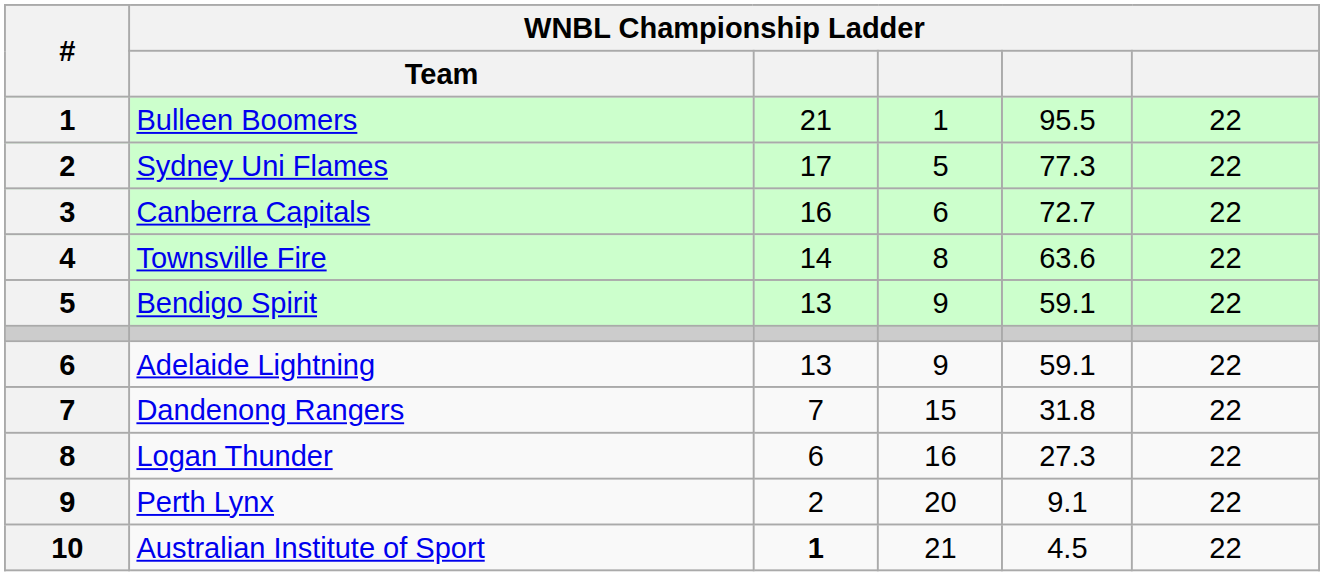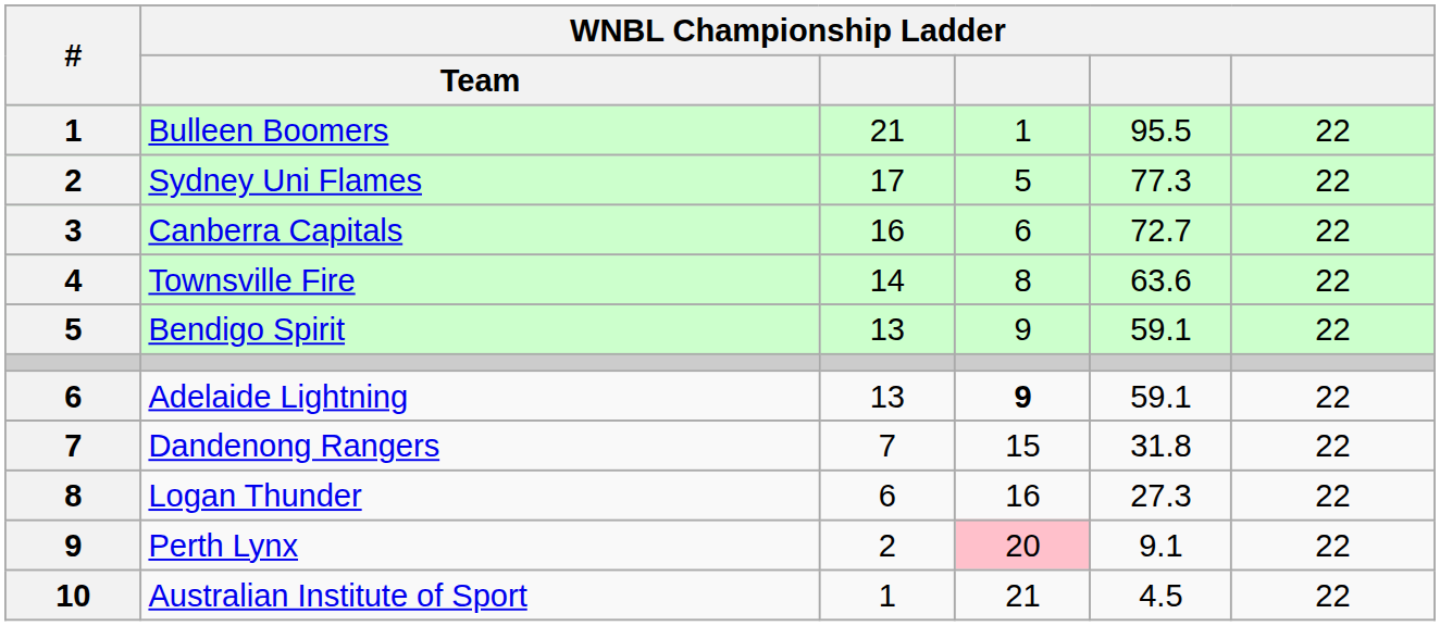 <table class="wikitable" width="43.5%" style="font-size:95%; text-align:center">
 <tr>
 <th width="5%" rowspan=2>#</th>
 <th colspan="6" align="center"><strong>WNBL Championship Ladder</strong></th>
 </tr>
 <tr>
 <th width="25%">Team</th>
 <th width="5%"></th>
 <th width="5%"></th>
 <th width="5%"></th>
 <th width="7.5%"></th>
 </tr>
 <tr style="background-color:#CCFFCC">
 <th>1</th>
 <td style="text-align:left;"><a href='#'>Bulleen Boomers</a></td>
 <td>21</td>
 <td>1</td>
 <td>95.5</td>
 <td>22</td>
 </tr>
 <tr style="background-color:#CCFFCC">
 <th>2</th>
 <td style="text-align:left;"><a href='#'>Sydney Uni Flames</a></td>
 <td>17</td>
 <td>5</td>
 <td>77.3</td>
 <td>22</td>
 </tr>
 <tr style="background-color:#CCFFCC">
 <th>3</th>
 <td style="text-align:left;"><a href='#'>Canberra Capitals</a></td>
 <td>16</td>
 <td>6</td>
 <td>72.7</td>
 <td>22</td>
 </tr>
 <tr style="background-color:#CCFFCC">
 <th>4</th>
 <td style="text-align:left;"><a href='#'>Townsville Fire</a></td>
 <td>14</td>
 <td>8</td>
 <td>63.6</td>
 <td>22</td>
 </tr>
 <tr style="background-color:#CCFFCC">
 <th>5</th>
 <td style="text-align:left;"><a href='#'>Bendigo Spirit</a></td>
 <td>13</td>
 <td>9</td>
 <td>59.1</td>
 <td>22</td>
 </tr>
 <tr style="background-color:#cccccc;">
 <td></td>
 <td></td>
 <td></td>
 <td></td>
 <td></td>
 <td></td>
 </tr>
 <tr>
 <th>6</th>
 <td style="text-align:left;"><a href='#'>Adelaide Lightning</a></td>
 <td>13</td>
-<td>9</td>
+<td><strong>9</strong></td>
 <td>59.1</td>
 <td>22</td>
 </tr>
 <tr>
 <th>7</th>
 <td style="text-align:left;"><a href='#'>Dandenong Rangers</a></td>
 <td>7</td>
 <td>15</td>
 <td>31.8</td>
 <td>22</td>
 </tr>
 <tr>
 <th>8</th>
 <td style="text-align:left;"><a href='#'>Logan Thunder</a></td>
 <td>6</td>
 <td>16</td>
 <td>27.3</td>
 <td>22</td>
 </tr>
 <tr>
 <th>9</th>
 <td style="text-align:left;"><a href='#'>Perth Lynx</a></td>
 <td>2</td>
-<td>20</td>
+<td style="background: pink;">20</td>
 <td>9.1</td>
 <td>22</td>
 </tr>
 <tr>
 <th>10</th>
 <td style="text-align:left;"><a href='#'>Australian Institute of Sport</a></td>
-<td><strong>1</strong></td>
+<td>1</td>
 <td>21</td>
 <td>4.5</td>
 <td>22</td>
 </tr>
 </table>
